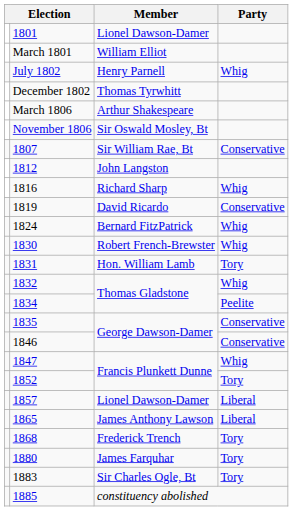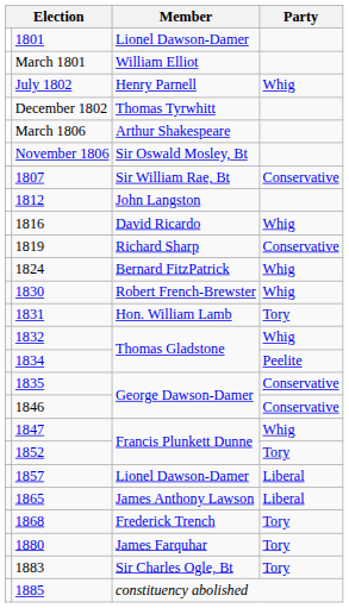 <table class="wikitable">
 <tr>
 <th colspan="2">Election</th>
 <th>Member</th>
 <th>Party</th>
 </tr>
 <tr>
 <td style="color:inherit;background-color: white"></td>
 <td><a href='#'>1801</a></td>
 <td><a href='#'>Lionel Dawson-Damer</a></td>
 <td></td>
 </tr>
 <tr>
 <td style="color:inherit;background-color: white"></td>
 <td>March  1801</td>
 <td><a href='#'>William Elliot</a></td>
 <td></td>
 </tr>
 <tr>
 <td style="color:inherit;background-color: "></td>
 <td><a href='#'>July 1802</a></td>
 <td><a href='#'>Henry Parnell</a></td>
 <td><a href='#'>Whig</a></td>
 </tr>
 <tr>
 <td style="color:inherit;background-color: white"></td>
 <td>December  1802</td>
 <td><a href='#'>Thomas Tyrwhitt</a></td>
 <td></td>
 </tr>
 <tr>
 <td style="color:inherit;background-color: white"></td>
 <td>March  1806</td>
 <td><a href='#'>Arthur Shakespeare</a></td>
 <td></td>
 </tr>
 <tr>
 <td style="color:inherit;background-color: white"></td>
 <td><a href='#'>November 1806</a></td>
 <td><a href='#'>Sir Oswald Mosley, Bt</a></td>
 <td></td>
 </tr>
 <tr>
 <td style="color:inherit;background-color: "></td>
 <td><a href='#'>1807</a></td>
 <td><a href='#'>Sir William Rae, Bt</a></td>
 <td><a href='#'>Conservative</a></td>
 </tr>
 <tr>
 <td style="color:inherit;background-color: white"></td>
 <td><a href='#'>1812</a></td>
 <td><a href='#'>John Langston</a></td>
 <td></td>
 </tr>
 <tr>
 <td style="color:inherit;background-color: white"></td>
 <td>1816</td>
-<td><a href='#'>Richard Sharp</a></td>
+<td><a href='#'>David Ricardo</a></td>
 <td><a href='#'>Whig</a></td>
 </tr>
 <tr>
 <td style="color:inherit;background-color: "></td>
 <td>1819</td>
-<td><a href='#'>David Ricardo</a></td>
+<td><a href='#'>Richard Sharp</a></td>
 <td><a href='#'>Conservative</a></td>
 </tr>
 <tr>
 <td style="color:inherit;background-color: "></td>
 <td>1824</td>
 <td><a href='#'>Bernard FitzPatrick</a></td>
 <td><a href='#'>Whig</a></td>
 </tr>
 <tr>
 <td style="color:inherit;background-color: "></td>
 <td><a href='#'>1830</a></td>
 <td><a href='#'>Robert French-Brewster</a></td>
 <td><a href='#'>Whig</a></td>
 </tr>
 <tr>
 <td style="color:inherit;background-color: "></td>
 <td><a href='#'>1831</a></td>
 <td><a href='#'>Hon. William Lamb</a></td>
 <td><a href='#'>Tory</a></td>
 </tr>
 <tr>
 <td style="color:inherit;background-color: "></td>
 <td><a href='#'>1832</a></td>
 <td rowspan="2"><a href='#'>Thomas Gladstone</a></td>
 <td><a href='#'>Whig</a></td>
 </tr>
 <tr>
 <td style="color:inherit;background-color: "></td>
 <td><a href='#'>1834</a></td>
 <td><a href='#'>Peelite</a></td>
 </tr>
 <tr>
 <td style="color:inherit;background-color: "></td>
 <td><a href='#'>1835</a></td>
 <td rowspan="2"><a href='#'>George Dawson-Damer</a></td>
 <td><a href='#'>Conservative</a></td>
 </tr>
 <tr>
 <td style="color:inherit;background-color: "></td>
 <td>1846</td>
 <td><a href='#'>Conservative</a></td>
 </tr>
 <tr>
 <td style="color:inherit;background-color: "></td>
 <td><a href='#'>1847</a></td>
 <td rowspan="2"><a href='#'>Francis Plunkett Dunne</a></td>
 <td><a href='#'>Whig</a></td>
 </tr>
 <tr>
 <td style="color:inherit;background-color: "></td>
 <td><a href='#'>1852</a></td>
 <td><a href='#'>Tory</a></td>
 </tr>
 <tr>
 <td style="color:inherit;background-color: "></td>
 <td><a href='#'>1857</a></td>
 <td><a href='#'>Lionel Dawson-Damer</a></td>
 <td><a href='#'>Liberal</a></td>
 </tr>
 <tr>
 <td style="color:inherit;background-color: "></td>
 <td><a href='#'>1865</a></td>
 <td><a href='#'>James Anthony Lawson</a></td>
 <td><a href='#'>Liberal</a></td>
 </tr>
 <tr>
 <td style="color:inherit;background-color: "></td>
 <td><a href='#'>1868</a></td>
 <td><a href='#'>Frederick Trench</a></td>
 <td><a href='#'>Tory</a></td>
 </tr>
 <tr>
 <td style="color:inherit;background-color: "></td>
 <td><a href='#'>1880</a></td>
 <td><a href='#'>James Farquhar</a></td>
 <td><a href='#'>Tory</a></td>
 </tr>
 <tr>
 <td style="color:inherit;background-color: "></td>
 <td>1883</td>
 <td><a href='#'>Sir Charles Ogle, Bt</a></td>
 <td><a href='#'>Tory</a></td>
 </tr>
 <tr>
 <td></td>
 <td><a href='#'>1885</a></td>
 <td colspan="2"><em>constituency abolished</em></td>
 </tr>
 </table>
